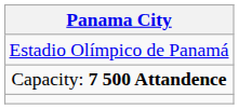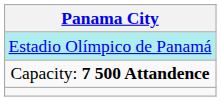 <table class="wikitable" style="text-align:center">
 <tr>
 <th><a href='#'>Panama City</a></th>
 </tr>
 <tr>
-<td><a href='#'>Estadio Olímpico de Panamá</a></td>
+<td style="background: paleturquoise;"><a href='#'>Estadio Olímpico de Panamá</a></td>
 </tr>
 <tr>
 <td>Capacity: <strong>7 500 Attandence</strong></td>
 </tr>
 <tr>
 <td></td>
 </tr>
 </table>
